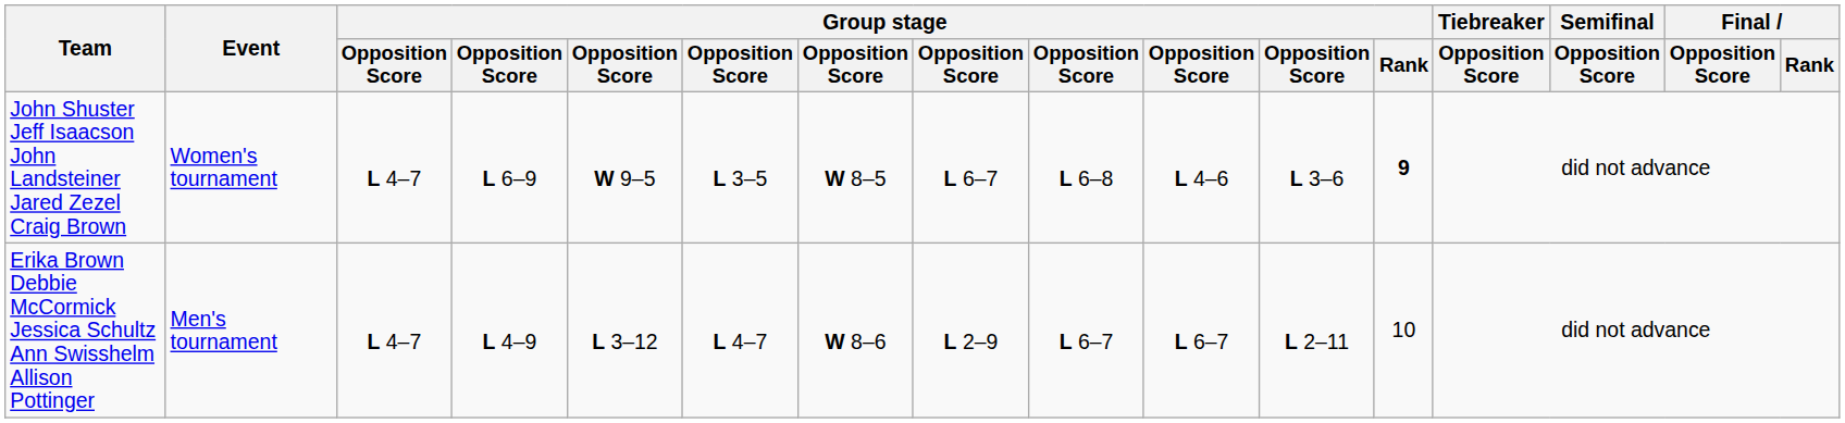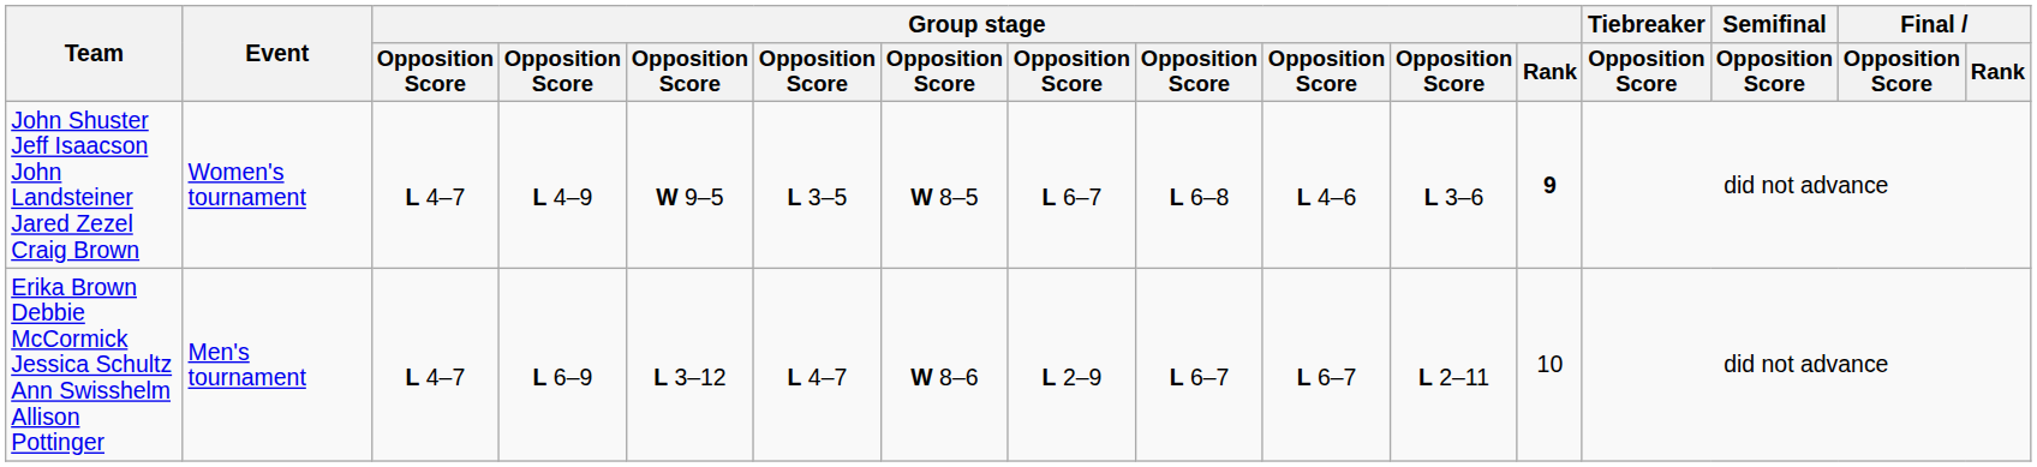 <table class=wikitable style=font-size:90%;text-align:center>
 <tr>
 <th rowspan=2>Team</th>
 <th rowspan=2>Event</th>
 <th colspan=10>Group stage</th>
 <th>Tiebreaker</th>
 <th>Semifinal</th>
 <th colspan=2>Final / </th>
 </tr>
 <tr style=font-size:95%>
 <th>Opposition<br>Score</th>
 <th>Opposition<br>Score</th>
 <th>Opposition<br>Score</th>
 <th>Opposition<br>Score</th>
 <th>Opposition<br>Score</th>
 <th>Opposition<br>Score</th>
 <th>Opposition<br>Score</th>
 <th>Opposition<br>Score</th>
 <th>Opposition<br>Score</th>
 <th>Rank</th>
 <th>Opposition<br>Score</th>
 <th>Opposition<br>Score</th>
 <th>Opposition<br>Score</th>
 <th>Rank</th>
 </tr>
 <tr>
 <td align=left><a href='#'>John Shuster</a><br><a href='#'>Jeff Isaacson</a><br><a href='#'>John Landsteiner</a><br><a href='#'>Jared Zezel</a><br><a href='#'>Craig Brown</a></td>
 <td align=left><a href='#'>Women's tournament</a></td>
 <td><br><strong>L</strong> 4–7</td>
-<td><br><strong>L</strong> 6–9</td>
+<td><br><strong>L</strong> 4–9</td>
 <td><br><strong>W</strong> 9–5</td>
 <td><br><strong>L</strong> 3–5</td>
 <td><br><strong>W</strong> 8–5</td>
 <td><br><strong>L</strong> 6–7</td>
 <td><br><strong>L</strong> 6–8</td>
 <td><br><strong>L</strong> 4–6</td>
 <td><br><strong>L</strong> 3–6</td>
 <td><strong>9</strong></td>
 <td colspan=4>did not advance</td>
 </tr>
 <tr>
 <td align=left><a href='#'>Erika Brown</a><br><a href='#'>Debbie McCormick</a><br><a href='#'>Jessica Schultz</a><br><a href='#'>Ann Swisshelm</a><br><a href='#'>Allison Pottinger</a></td>
 <td align=left><a href='#'>Men's tournament</a></td>
 <td><br><strong>L</strong> 4–7</td>
-<td><br><strong>L</strong> 4–9</td>
+<td><br><strong>L</strong> 6–9</td>
 <td><br><strong>L</strong> 3–12</td>
 <td><br><strong>L</strong> 4–7</td>
 <td><br><strong>W</strong> 8–6</td>
 <td><br><strong>L</strong> 2–9</td>
 <td><br><strong>L</strong> 6–7</td>
 <td><br><strong>L</strong> 6–7</td>
 <td><br><strong>L</strong> 2–11</td>
 <td>10</td>
 <td colspan=4>did not advance</td>
 </tr>
 </table>
